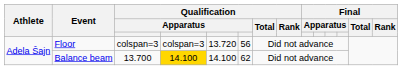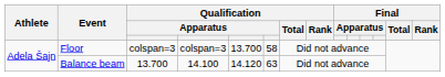 <table class="wikitable" style="font-size:90%">
 <tr>
 <th rowspan="3">Athlete</th>
 <th rowspan="3">Event</th>
 <th colspan=6>Qualification</th>
 <th colspan=6>Final</th>
 </tr>
 <tr style="font-size:95%">
 <th colspan=4>Apparatus</th>
 <th rowspan=2>Total</th>
 <th rowspan=2>Rank</th>
 <th colspan=4>Apparatus</th>
 <th rowspan=2>Total</th>
 <th rowspan=2>Rank</th>
 </tr>
 <tr style="font-size:95%">
 <th></th>
 <th></th>
 <th></th>
 <th></th>
 <th></th>
 <th></th>
 <th></th>
 <th></th>
 </tr>
 <tr align=center>
 <td align=left rowspan=2><a href='#'>Adela Šajn</a></td>
 <td align=left><a href='#'>Floor</a></td>
 <td>colspan=3 </td>
 <td>colspan=3 </td>
-<td>13.720</td>
-<td>56</td>
+<td>13.700</td>
+<td>58</td>
 <td colspan=6>Did not advance</td>
 </tr>
 <tr align=center>
 <td align=left><a href='#'>Balance beam</a></td>
 <td>13.700</td>
-<td style="background: gold;">14.100</td>
 <td>14.100</td>
-<td>62</td>
+<td>14.120</td>
+<td>63</td>
 <td colspan=6>Did not advance</td>
 </tr>
 </table>
